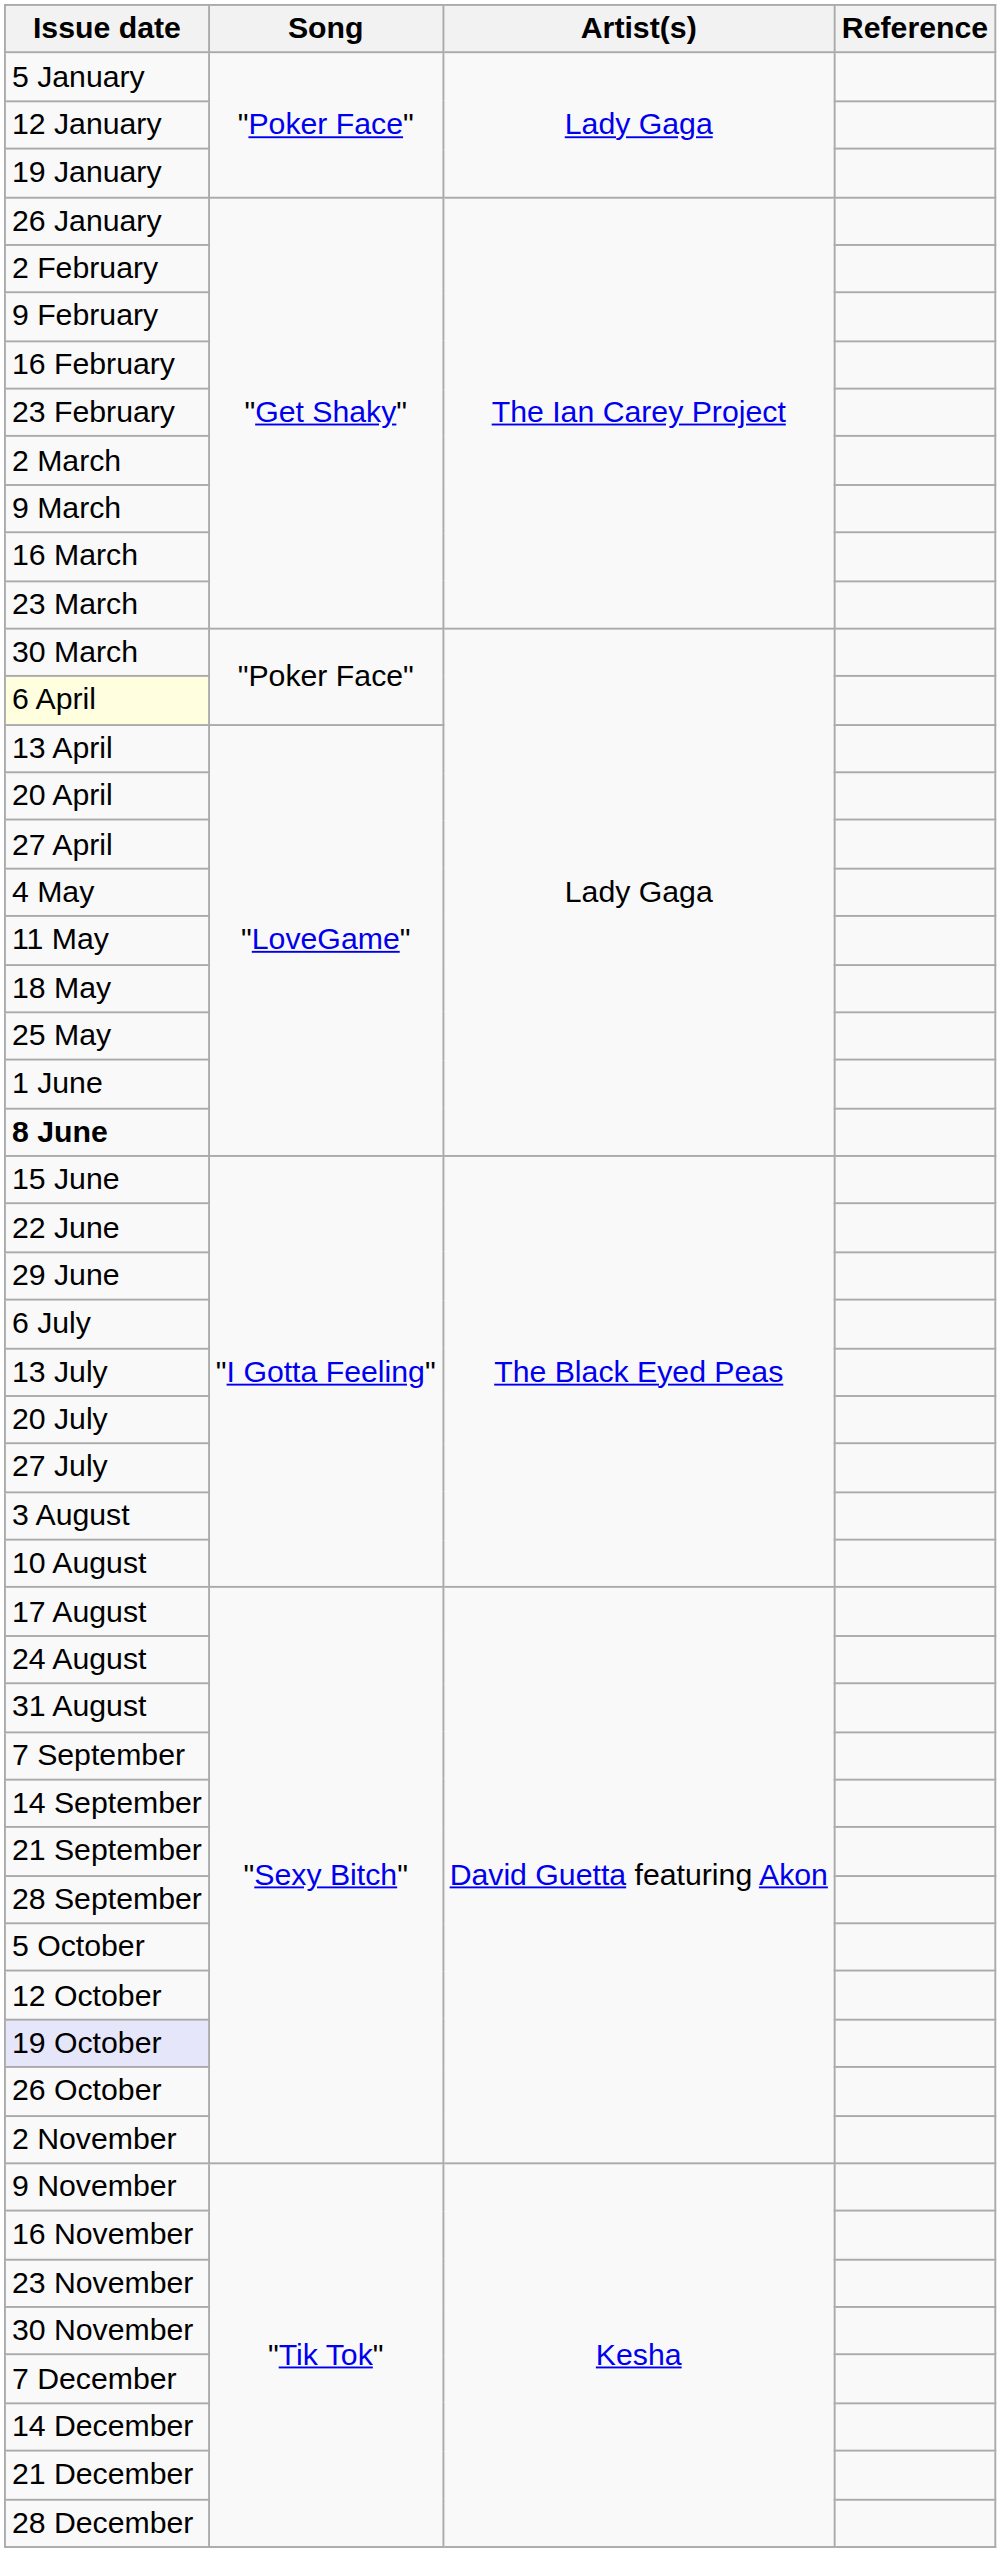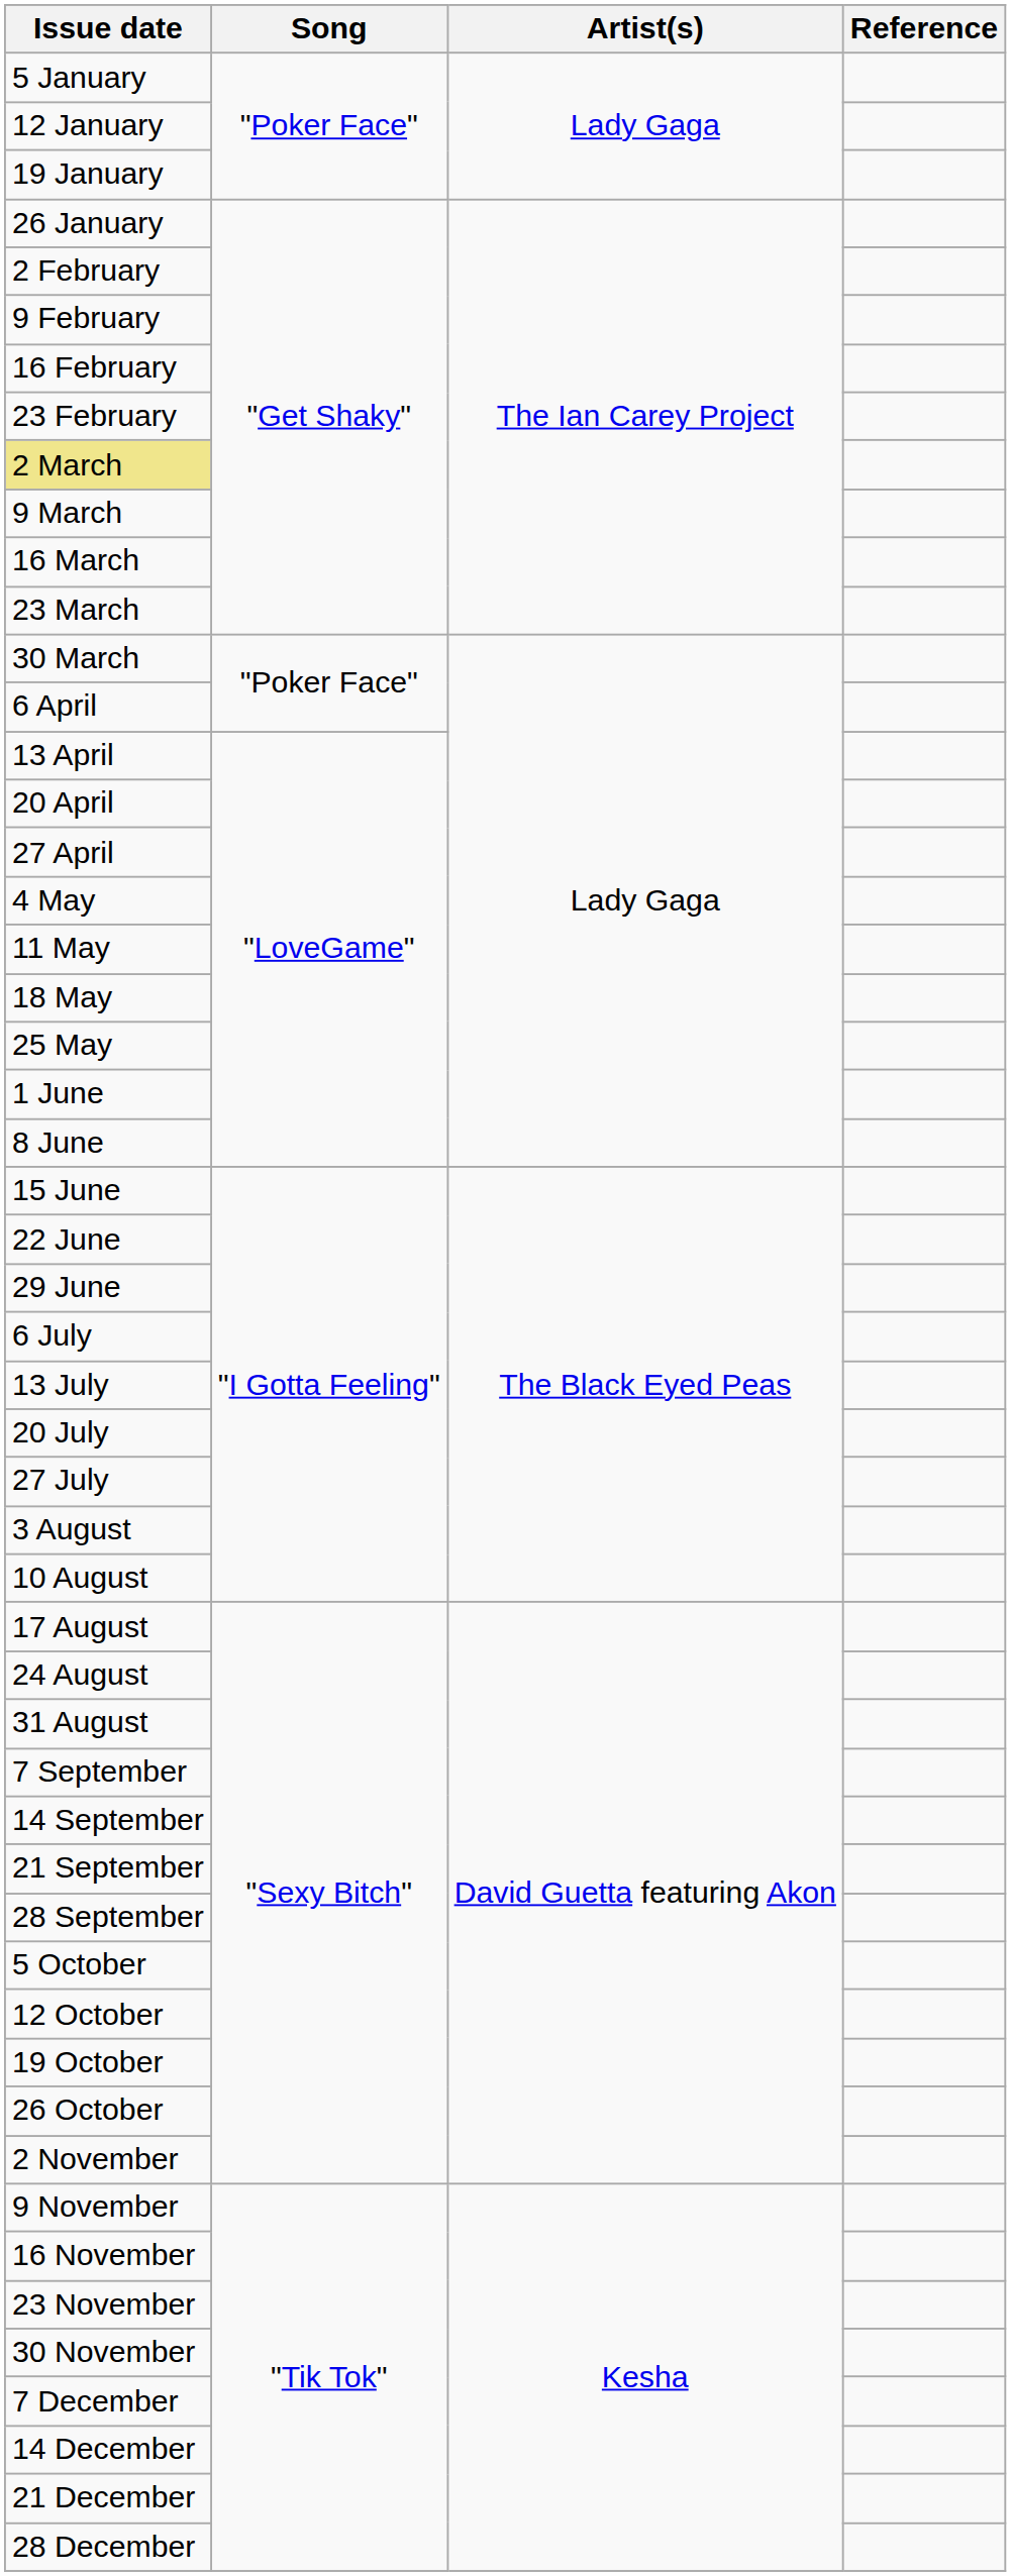 <table class="wikitable">
 <tr>
 <th>Issue date</th>
 <th>Song</th>
 <th>Artist(s)</th>
 <th>Reference</th>
 </tr>
 <tr>
 <td align="left">5 January</td>
 <td align="center" rowspan="3">"<a href='#'>Poker Face</a>"</td>
 <td align="center" rowspan="3"><a href='#'>Lady Gaga</a></td>
 <td align="center"></td>
 </tr>
 <tr>
 <td align="left">12 January</td>
 <td align="center"></td>
 </tr>
 <tr>
 <td align="left">19 January</td>
 <td align="center"></td>
 </tr>
 <tr>
 <td align="left">26 January</td>
 <td align="center" rowspan="9">"<a href='#'>Get Shaky</a>"</td>
 <td align="center" rowspan="9"><a href='#'>The Ian Carey Project</a></td>
 <td align="center"></td>
 </tr>
 <tr>
 <td align="left">2 February</td>
 <td align="center"></td>
 </tr>
 <tr>
 <td align="left">9 February</td>
 <td align="center"></td>
 </tr>
 <tr>
 <td align="left">16 February</td>
 <td align="center"></td>
 </tr>
 <tr>
 <td align="left">23 February</td>
 <td align="center"></td>
 </tr>
 <tr>
-<td align="left">2 March</td>
+<td align="left" style="background: khaki;">2 March</td>
 <td align="center"></td>
 </tr>
 <tr>
 <td align="left">9 March</td>
 <td align="center"></td>
 </tr>
 <tr>
 <td align="left">16 March</td>
 <td align="center"></td>
 </tr>
 <tr>
 <td align="left">23 March</td>
 <td align="center"></td>
 </tr>
 <tr>
 <td align="left">30 March</td>
 <td align="center" rowspan="2">"Poker Face"</td>
 <td align="center" rowspan="11">Lady Gaga</td>
 <td align="center"></td>
 </tr>
 <tr>
-<td align="left" style="background: lightyellow;">6 April</td>
+<td align="left">6 April</td>
 <td align="center"></td>
 </tr>
 <tr>
 <td align="left">13 April</td>
 <td align="center" rowspan="9">"<a href='#'>LoveGame</a>"</td>
 <td align="center"></td>
 </tr>
 <tr>
 <td align="left">20 April</td>
 <td align="center"></td>
 </tr>
 <tr>
 <td align="left">27 April</td>
 <td align="center"></td>
 </tr>
 <tr>
 <td align="left">4 May</td>
 <td align="center"></td>
 </tr>
 <tr>
 <td align="left">11 May</td>
 <td align="center"></td>
 </tr>
 <tr>
 <td align="left">18 May</td>
 <td align="center"></td>
 </tr>
 <tr>
 <td align="left">25 May</td>
 <td align="center"></td>
 </tr>
 <tr>
 <td align="left">1 June</td>
 <td align="center"></td>
 </tr>
 <tr>
-<td align="left"><strong>8 June</strong></td>
+<td align="left">8 June</td>
 <td align="center"></td>
 </tr>
 <tr>
 <td align="left">15 June</td>
 <td align="center" rowspan="9">"<a href='#'>I Gotta Feeling</a>"</td>
 <td align="center" rowspan="9"><a href='#'>The Black Eyed Peas</a></td>
 <td align="center"></td>
 </tr>
 <tr>
 <td align="left">22 June</td>
 <td align="center"></td>
 </tr>
 <tr>
 <td align="left">29 June</td>
 <td align="center"></td>
 </tr>
 <tr>
 <td align="left">6 July</td>
 <td align="center"></td>
 </tr>
 <tr>
 <td align="left">13 July</td>
 <td align="center"></td>
 </tr>
 <tr>
 <td align="left">20 July</td>
 <td align="center"></td>
 </tr>
 <tr>
 <td align="left">27 July</td>
 <td align="center"></td>
 </tr>
 <tr>
 <td align="left">3 August</td>
 <td align="center"></td>
 </tr>
 <tr>
 <td align="left">10 August</td>
 <td align="center"></td>
 </tr>
 <tr>
 <td align="left">17 August</td>
 <td align="center" rowspan="12">"<a href='#'>Sexy Bitch</a>"</td>
 <td align="center" rowspan="12"><a href='#'>David Guetta</a> featuring <a href='#'>Akon</a></td>
 <td align="center"></td>
 </tr>
 <tr>
 <td align="left">24 August</td>
 <td align="center"></td>
 </tr>
 <tr>
 <td align="left">31 August</td>
 <td align="center"></td>
 </tr>
 <tr>
 <td align="left">7 September</td>
 <td align="center"></td>
 </tr>
 <tr>
 <td align="left">14 September</td>
 <td align="center"></td>
 </tr>
 <tr>
 <td align="left">21 September</td>
 <td align="center"></td>
 </tr>
 <tr>
 <td align="left">28 September</td>
 <td align="center"></td>
 </tr>
 <tr>
 <td align="left">5 October</td>
 <td align="center"></td>
 </tr>
 <tr>
 <td align="left">12 October</td>
 <td align="center"></td>
 </tr>
 <tr>
-<td align="left" style="background: lavender;">19 October</td>
+<td align="left">19 October</td>
 <td align="center"></td>
 </tr>
 <tr>
 <td align="left">26 October</td>
 <td align="center"></td>
 </tr>
 <tr>
 <td align="left">2 November</td>
 <td align="center"></td>
 </tr>
 <tr>
 <td align="left">9 November</td>
 <td align="center" rowspan="8">"<a href='#'>Tik Tok</a>"</td>
 <td align="center" rowspan="8"><a href='#'>Kesha</a></td>
 <td align="center"></td>
 </tr>
 <tr>
 <td align="left">16 November</td>
 <td align="center"></td>
 </tr>
 <tr>
 <td align="left">23 November</td>
 <td align="center"></td>
 </tr>
 <tr>
 <td align="left">30 November</td>
 <td align="center"></td>
 </tr>
 <tr>
 <td align="left">7 December</td>
 <td align="center"></td>
 </tr>
 <tr>
 <td align="left">14 December</td>
 <td align="center"></td>
 </tr>
 <tr>
 <td align="left">21 December</td>
 <td align="center"></td>
 </tr>
 <tr>
 <td align="left">28 December</td>
 <td align="center"></td>
 </tr>
 </table>
